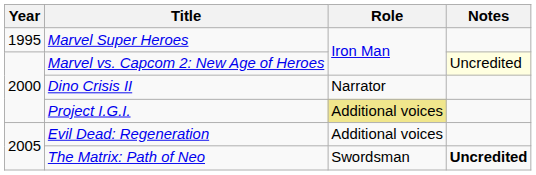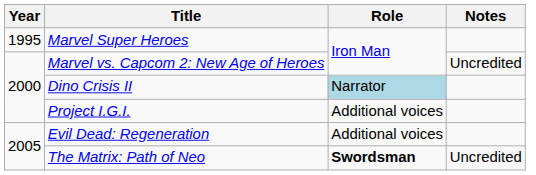 <table class="wikitable sortable">
 <tr>
 <th>Year</th>
 <th>Title</th>
 <th>Role</th>
 <th class="unsortable">Notes</th>
 </tr>
 <tr>
 <td>1995</td>
 <td><em><a href='#'>Marvel Super Heroes</a></em></td>
 <td rowspan=2><a href='#'>Iron Man</a></td>
 <td></td>
 </tr>
 <tr>
 <td rowspan=3>2000</td>
 <td><em><a href='#'>Marvel vs. Capcom 2: New Age of Heroes</a></em></td>
-<td style="background: lightyellow;">Uncredited</td>
+<td>Uncredited</td>
 </tr>
 <tr>
 <td><em><a href='#'>Dino Crisis II</a></em></td>
-<td>Narrator</td>
+<td style="background: lightblue;">Narrator</td>
 <td></td>
 </tr>
 <tr>
 <td><em><a href='#'>Project I.G.I.</a></em></td>
-<td style="background: khaki;">Additional voices</td>
+<td>Additional voices</td>
 <td></td>
 </tr>
 <tr>
 <td rowspan=2>2005</td>
 <td><em><a href='#'>Evil Dead: Regeneration</a></em></td>
 <td>Additional voices</td>
 <td></td>
 </tr>
 <tr>
 <td data-sort-value="Matrix: Path of Neo, The"><em><a href='#'>The Matrix: Path of Neo</a></em></td>
-<td>Swordsman</td>
-<td><strong>Uncredited</strong></td>
+<td><strong>Swordsman</strong></td>
+<td>Uncredited</td>
 </tr>
 </table>
